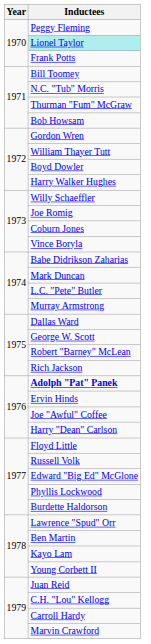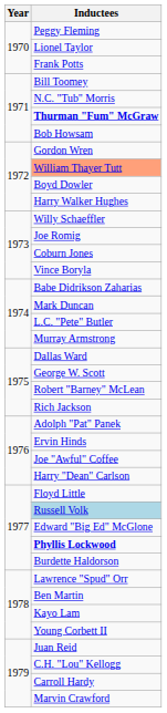 <table class="wikitable">
 <tr>
 <th>Year</th>
 <th colspan="6">Inductees</th>
 </tr>
 <tr>
 <td rowspan="3">1970</td>
 <td><a href='#'>Peggy Fleming</a></td>
 </tr>
 <tr>
-<td style="background: paleturquoise;"><a href='#'>Lionel Taylor</a></td>
+<td><a href='#'>Lionel Taylor</a></td>
 </tr>
 <tr>
 <td><a href='#'>Frank Potts</a></td>
 </tr>
 <tr>
 <td rowspan="4">1971</td>
 <td><a href='#'>Bill Toomey</a></td>
 </tr>
 <tr>
 <td><a href='#'>N.C. "Tub" Morris</a></td>
 </tr>
 <tr>
-<td><a href='#'>Thurman "Fum" McGraw</a></td>
+<td><strong><a href='#'>Thurman "Fum" McGraw</a></strong></td>
 </tr>
 <tr>
 <td><a href='#'>Bob Howsam</a></td>
 </tr>
 <tr>
 <td rowspan="4">1972</td>
 <td><a href='#'>Gordon Wren</a></td>
 </tr>
 <tr>
-<td><a href='#'>William Thayer Tutt</a></td>
+<td style="background: lightsalmon;"><a href='#'>William Thayer Tutt</a></td>
 </tr>
 <tr>
 <td><a href='#'>Boyd Dowler</a></td>
 </tr>
 <tr>
 <td><a href='#'>Harry Walker Hughes</a></td>
 </tr>
 <tr>
 <td rowspan="4">1973</td>
 <td><a href='#'>Willy Schaeffler</a></td>
 </tr>
 <tr>
 <td><a href='#'>Joe Romig</a></td>
 </tr>
 <tr>
 <td><a href='#'>Coburn Jones</a></td>
 </tr>
 <tr>
 <td><a href='#'>Vince Boryla</a></td>
 </tr>
 <tr>
 <td rowspan="4">1974</td>
 <td><a href='#'>Babe Didrikson Zaharias</a></td>
 </tr>
 <tr>
 <td><a href='#'>Mark Duncan</a></td>
 </tr>
 <tr>
 <td><a href='#'>L.C. "Pete" Butler</a></td>
 </tr>
 <tr>
 <td><a href='#'>Murray Armstrong</a></td>
 </tr>
 <tr>
 <td rowspan="4">1975</td>
 <td><a href='#'>Dallas Ward</a></td>
 </tr>
 <tr>
 <td><a href='#'>George W. Scott</a></td>
 </tr>
 <tr>
 <td><a href='#'>Robert "Barney" McLean</a></td>
 </tr>
 <tr>
 <td><a href='#'>Rich Jackson</a></td>
 </tr>
 <tr>
 <td rowspan="4">1976</td>
-<td><strong><a href='#'>Adolph "Pat" Panek</a></strong></td>
+<td><a href='#'>Adolph "Pat" Panek</a></td>
 </tr>
 <tr>
 <td><a href='#'>Ervin Hinds</a></td>
 </tr>
 <tr>
 <td><a href='#'>Joe "Awful" Coffee</a></td>
 </tr>
 <tr>
 <td><a href='#'>Harry "Dean" Carlson</a></td>
 </tr>
 <tr>
 <td rowspan="5">1977</td>
 <td><a href='#'>Floyd Little</a></td>
 </tr>
 <tr>
-<td><a href='#'>Russell Volk</a></td>
+<td style="background: lightblue;"><a href='#'>Russell Volk</a></td>
 </tr>
 <tr>
 <td><a href='#'>Edward "Big Ed" McGlone</a></td>
 </tr>
 <tr>
-<td><a href='#'>Phyllis Lockwood</a></td>
+<td><strong><a href='#'>Phyllis Lockwood</a></strong></td>
 </tr>
 <tr>
 <td><a href='#'>Burdette Haldorson</a></td>
 </tr>
 <tr>
 <td rowspan="4">1978</td>
 <td><a href='#'>Lawrence "Spud" Orr</a></td>
 </tr>
 <tr>
 <td><a href='#'>Ben Martin</a></td>
 </tr>
 <tr>
 <td><a href='#'>Kayo Lam</a></td>
 </tr>
 <tr>
 <td><a href='#'>Young Corbett II</a></td>
 </tr>
 <tr>
 <td rowspan="4">1979</td>
 <td><a href='#'>Juan Reid</a></td>
 </tr>
 <tr>
 <td><a href='#'>C.H. "Lou" Kellogg</a></td>
 </tr>
 <tr>
 <td><a href='#'>Carroll Hardy</a></td>
 </tr>
 <tr>
 <td><a href='#'>Marvin Crawford</a></td>
 </tr>
 </table>
